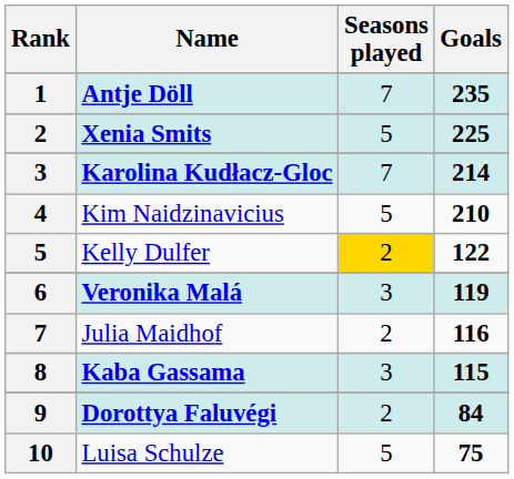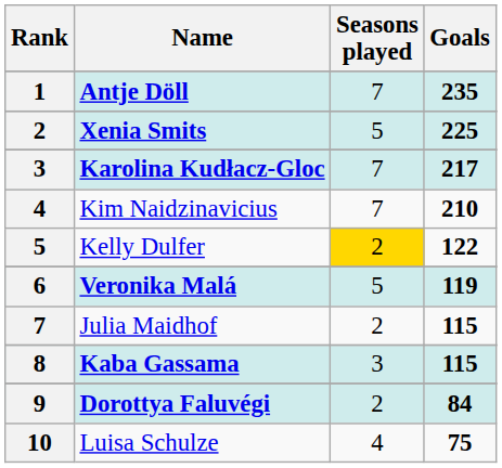 <table class="wikitable" style="text-align: center">
 <tr>
 <th>Rank</th>
 <th class="unsortable">Name</th>
 <th>Seasons<br>played</th>
 <th>Goals</th>
 </tr>
 <tr>
 </tr>
 <tr style="background-color: #CFECEC;">
 <th rowspan="1">1</th>
 <td style="text-align: left;"> <strong><a href='#'>Antje Döll</a></strong></td>
 <td>7</td>
 <td><strong>235</strong></td>
 </tr>
 <tr>
 </tr>
 <tr style="background-color: #CFECEC;">
 <th rowspan="1">2</th>
 <td style="text-align: left;"> <strong><a href='#'>Xenia Smits</a></strong></td>
 <td>5</td>
 <td><strong>225</strong></td>
 </tr>
 <tr>
 </tr>
 <tr style="background-color: #CFECEC;">
 <th rowspan="1">3</th>
 <td style="text-align: left;"> <strong><a href='#'>Karolina Kudłacz-Gloc</a></strong></td>
 <td>7</td>
-<td><strong>214</strong></td>
+<td><strong>217</strong></td>
 </tr>
 <tr>
 <th rowspan="1">4</th>
 <td style="text-align: left;"> <a href='#'>Kim Naidzinavicius</a></td>
-<td>5</td>
+<td>7</td>
 <td><strong>210</strong></td>
 </tr>
 <tr>
 <th rowspan="1">5</th>
 <td style="text-align: left;"> <a href='#'>Kelly Dulfer</a></td>
 <td style="background: gold;">2</td>
 <td><strong>122</strong></td>
 </tr>
 <tr>
 </tr>
 <tr style="background-color: #CFECEC;">
 <th rowspan="1">6</th>
 <td style="text-align: left;"> <strong><a href='#'>Veronika Malá</a></strong></td>
-<td>3</td>
+<td>5</td>
 <td><strong>119</strong></td>
 </tr>
 <tr>
 <th rowspan="1">7</th>
 <td style="text-align: left;"> <a href='#'>Julia Maidhof</a></td>
 <td>2</td>
-<td><strong>116</strong></td>
+<td><strong>115</strong></td>
 </tr>
 <tr>
 </tr>
 <tr style="background-color: #CFECEC;">
 <th rowspan="1">8</th>
 <td style="text-align: left;"> <strong><a href='#'>Kaba Gassama</a></strong></td>
 <td>3</td>
 <td><strong>115</strong></td>
 </tr>
 <tr>
 </tr>
 <tr style="background-color: #CFECEC;">
 <th rowspan="1">9</th>
 <td style="text-align: left;"> <strong><a href='#'>Dorottya Faluvégi</a></strong></td>
 <td>2</td>
 <td><strong>84</strong></td>
 </tr>
 <tr>
 <th rowspan="1">10</th>
 <td style="text-align: left;"> <a href='#'>Luisa Schulze</a></td>
-<td>5</td>
+<td>4</td>
 <td><strong>75</strong></td>
 </tr>
 </table>
